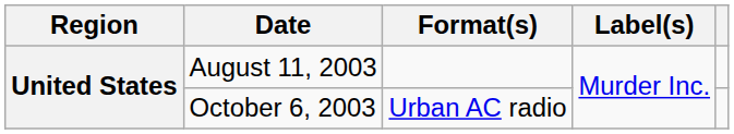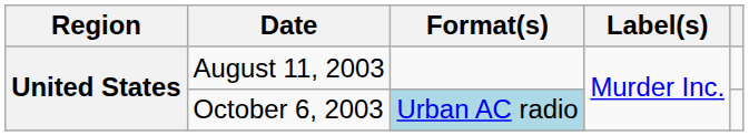 <table class="wikitable plainrowheaders">
 <tr>
 <th scope="col">Region</th>
 <th scope="col">Date</th>
 <th scope="col">Format(s)</th>
 <th scope="col">Label(s)</th>
 <th scope="col"></th>
 </tr>
 <tr>
 <th scope="row" rowspan="2">United States</th>
 <td>August 11, 2003</td>
 <td></td>
 <td rowspan="2"><a href='#'>Murder Inc.</a></td>
 <td></td>
 </tr>
 <tr>
 <td>October 6, 2003</td>
-<td><a href='#'>Urban AC</a> radio</td>
+<td style="background: lightblue;"><a href='#'>Urban AC</a> radio</td>
 <td></td>
 </tr>
 </table>
